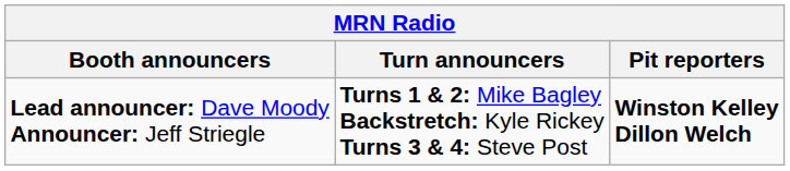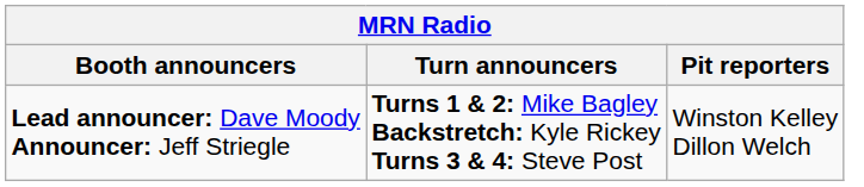 <table class="wikitable">
 <tr>
 <th colspan="3"><a href='#'>MRN Radio</a></th>
 </tr>
 <tr>
 <th>Booth announcers</th>
 <th>Turn announcers</th>
 <th>Pit reporters</th>
 </tr>
 <tr>
 <td><strong>Lead announcer:</strong> <a href='#'>Dave Moody</a><br><strong>Announcer:</strong> Jeff Striegle</td>
 <td><strong>Turns 1 & 2:</strong> <a href='#'>Mike Bagley</a><br><strong>Backstretch:</strong> Kyle Rickey<br><strong>Turns 3 & 4:</strong> Steve Post</td>
-<td><strong>Winston Kelley<br>Dillon Welch</strong></td>
+<td>Winston Kelley<br>Dillon Welch</td>
 </tr>
 </table>
